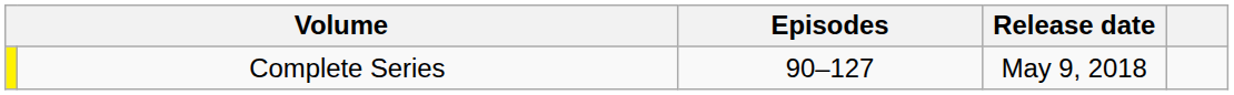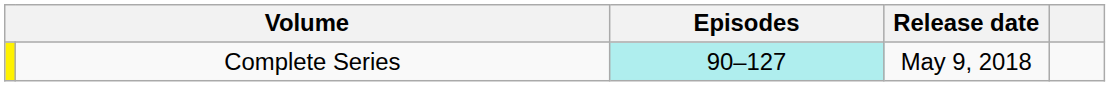 <table class="wikitable" style="text-align: center;">
 <tr>
 <th colspan="2">Volume</th>
 <th width="25%">Episodes</th>
 <th width="15%">Release date</th>
 <th width="5%"></th>
 </tr>
 <tr>
 <td rowspan="1" width="1%" style="background: #FFF200;"></td>
 <td>Complete Series</td>
-<td>90–127</td>
+<td style="background: paleturquoise;">90–127</td>
 <td>May 9, 2018</td>
 <td></td>
 </tr>
 </table>
